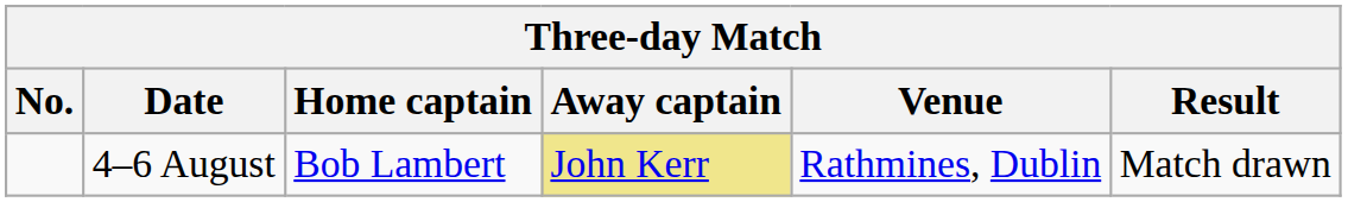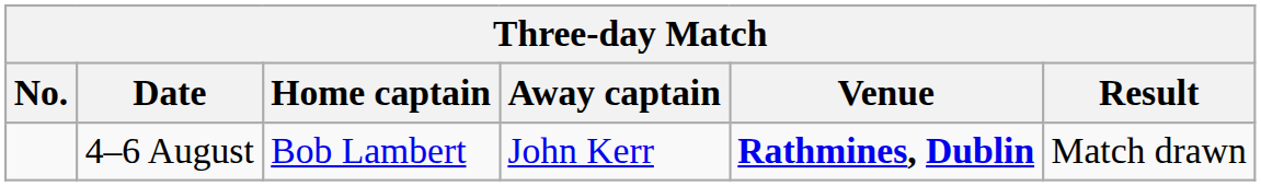 <table class="wikitable">
 <tr>
 <th colspan="9">Three-day Match</th>
 </tr>
 <tr>
 <th>No.</th>
 <th>Date</th>
 <th>Home captain</th>
 <th>Away captain</th>
 <th>Venue</th>
 <th>Result</th>
 </tr>
 <tr>
 <td></td>
 <td>4–6 August</td>
 <td><a href='#'>Bob Lambert</a></td>
-<td style="background: khaki;"><a href='#'>John Kerr</a></td>
-<td><a href='#'>Rathmines</a>, <a href='#'>Dublin</a></td>
+<td><a href='#'>John Kerr</a></td>
+<td><strong><a href='#'>Rathmines</a>, <a href='#'>Dublin</a></strong></td>
 <td>Match drawn</td>
 </tr>
 </table>
